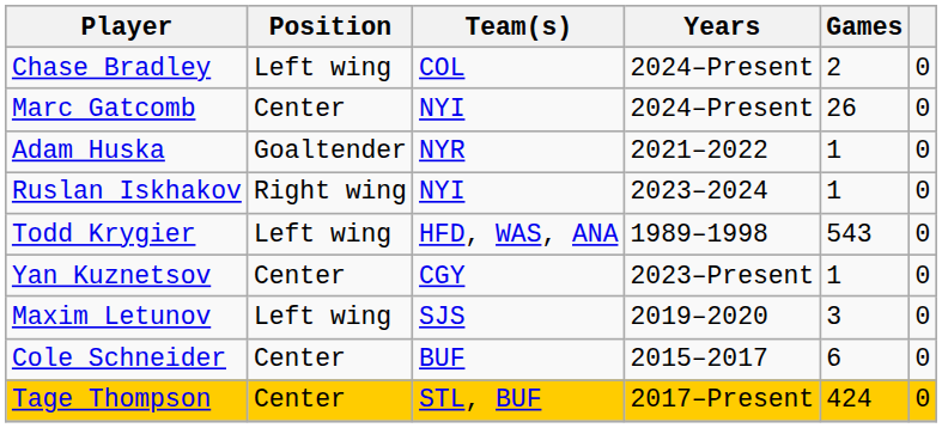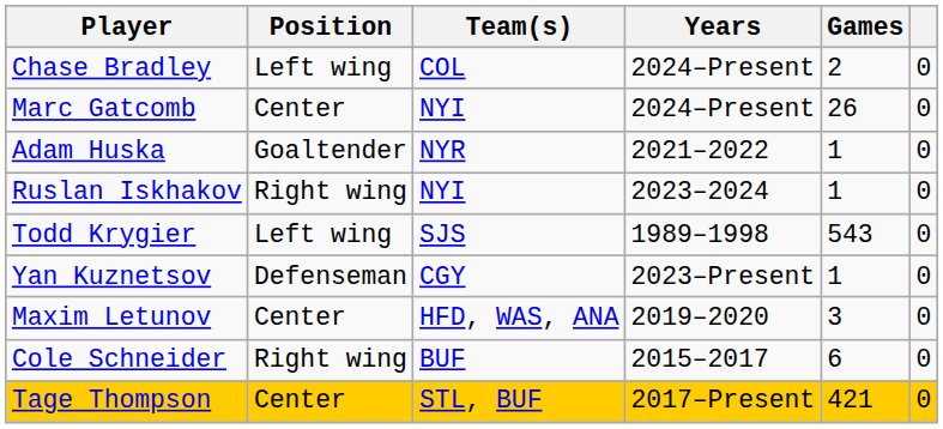 <table class="wikitable">
 <tr>
 <th>Player</th>
 <th>Position</th>
 <th>Team(s)</th>
 <th>Years</th>
 <th>Games</th>
 <th><a href='#'></a></th>
 </tr>
 <tr>
 <td><a href='#'>Chase Bradley</a></td>
 <td>Left wing</td>
 <td><a href='#'>COL</a></td>
 <td>2024–Present</td>
 <td>2</td>
 <td>0</td>
 </tr>
 <tr>
 <td><a href='#'>Marc Gatcomb</a></td>
 <td>Center</td>
 <td><a href='#'>NYI</a></td>
 <td>2024–Present</td>
 <td>26</td>
 <td>0</td>
 </tr>
 <tr>
 <td><a href='#'>Adam Huska</a></td>
 <td>Goaltender</td>
 <td><a href='#'>NYR</a></td>
 <td>2021–2022</td>
 <td>1</td>
 <td>0</td>
 </tr>
 <tr>
 <td><a href='#'>Ruslan Iskhakov</a></td>
 <td>Right wing</td>
 <td><a href='#'>NYI</a></td>
 <td>2023–2024</td>
 <td>1</td>
 <td>0</td>
 </tr>
 <tr>
 <td><a href='#'>Todd Krygier</a></td>
 <td>Left wing</td>
-<td><a href='#'>HFD</a>, <a href='#'>WAS</a>, <a href='#'>ANA</a></td>
+<td><a href='#'>SJS</a></td>
 <td>1989–1998</td>
 <td>543</td>
 <td>0</td>
 </tr>
 <tr>
 <td><a href='#'>Yan Kuznetsov</a></td>
-<td>Center</td>
+<td>Defenseman</td>
 <td><a href='#'>CGY</a></td>
 <td>2023–Present</td>
 <td>1</td>
 <td>0</td>
 </tr>
 <tr>
 <td><a href='#'>Maxim Letunov</a></td>
-<td>Left wing</td>
-<td><a href='#'>SJS</a></td>
+<td>Center</td>
+<td><a href='#'>HFD</a>, <a href='#'>WAS</a>, <a href='#'>ANA</a></td>
 <td>2019–2020</td>
 <td>3</td>
 <td>0</td>
 </tr>
 <tr>
 <td><a href='#'>Cole Schneider</a></td>
-<td>Center</td>
+<td>Right wing</td>
 <td><a href='#'>BUF</a></td>
 <td>2015–2017</td>
 <td>6</td>
 <td>0</td>
 </tr>
 <tr bgcolor=#FFCC00>
 <td><a href='#'>Tage Thompson</a></td>
 <td>Center</td>
 <td><a href='#'>STL</a>, <a href='#'>BUF</a></td>
 <td>2017–Present</td>
-<td>424</td>
+<td>421</td>
 <td>0</td>
 </tr>
 <tr>
 </tr>
 </table>
